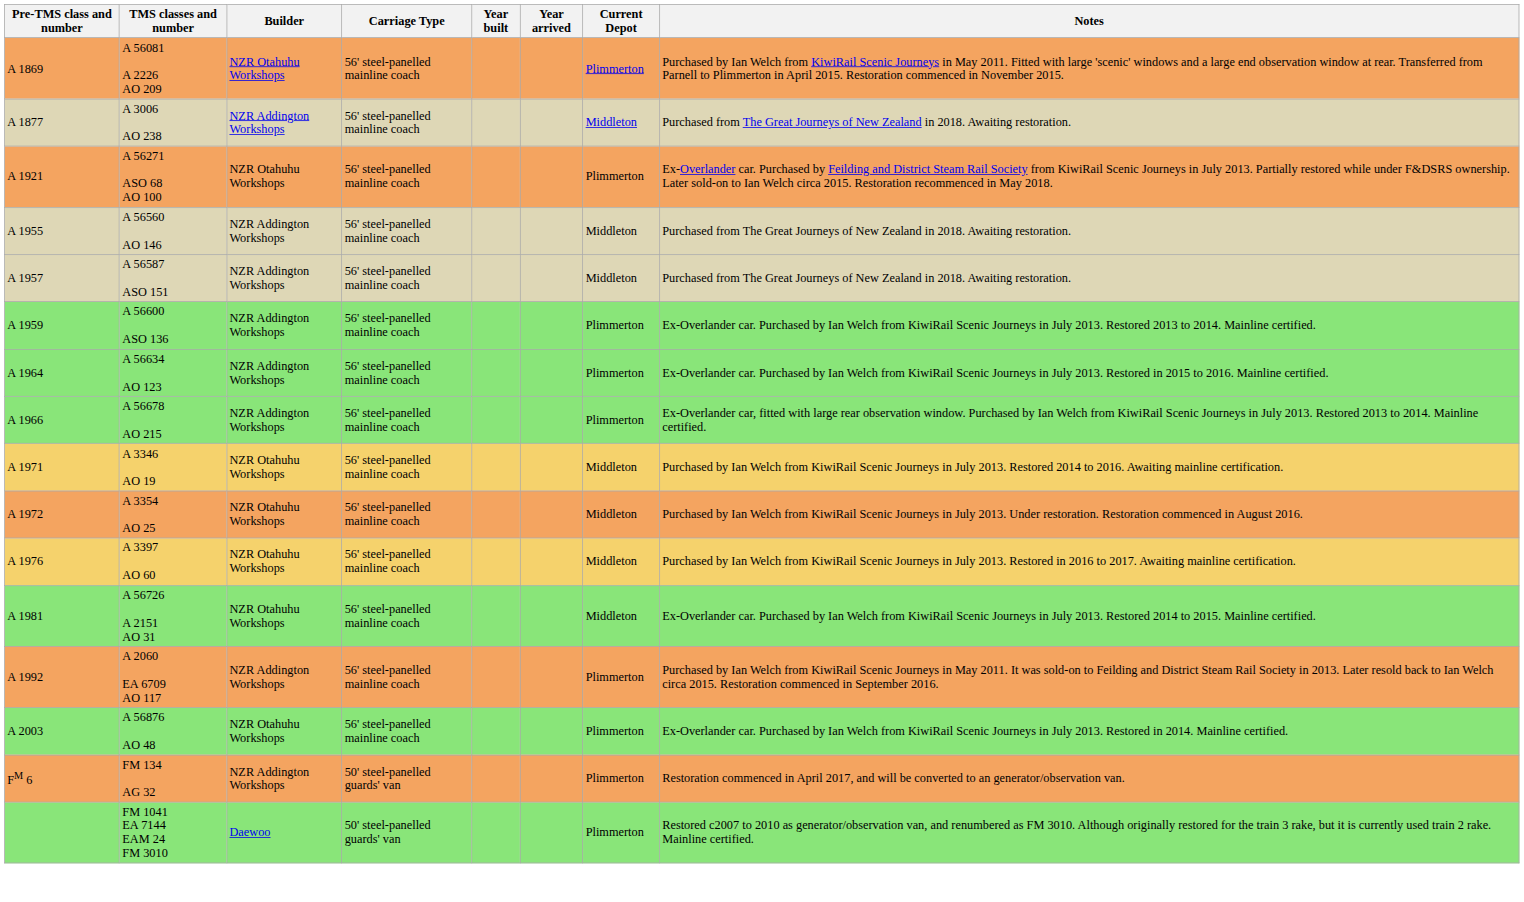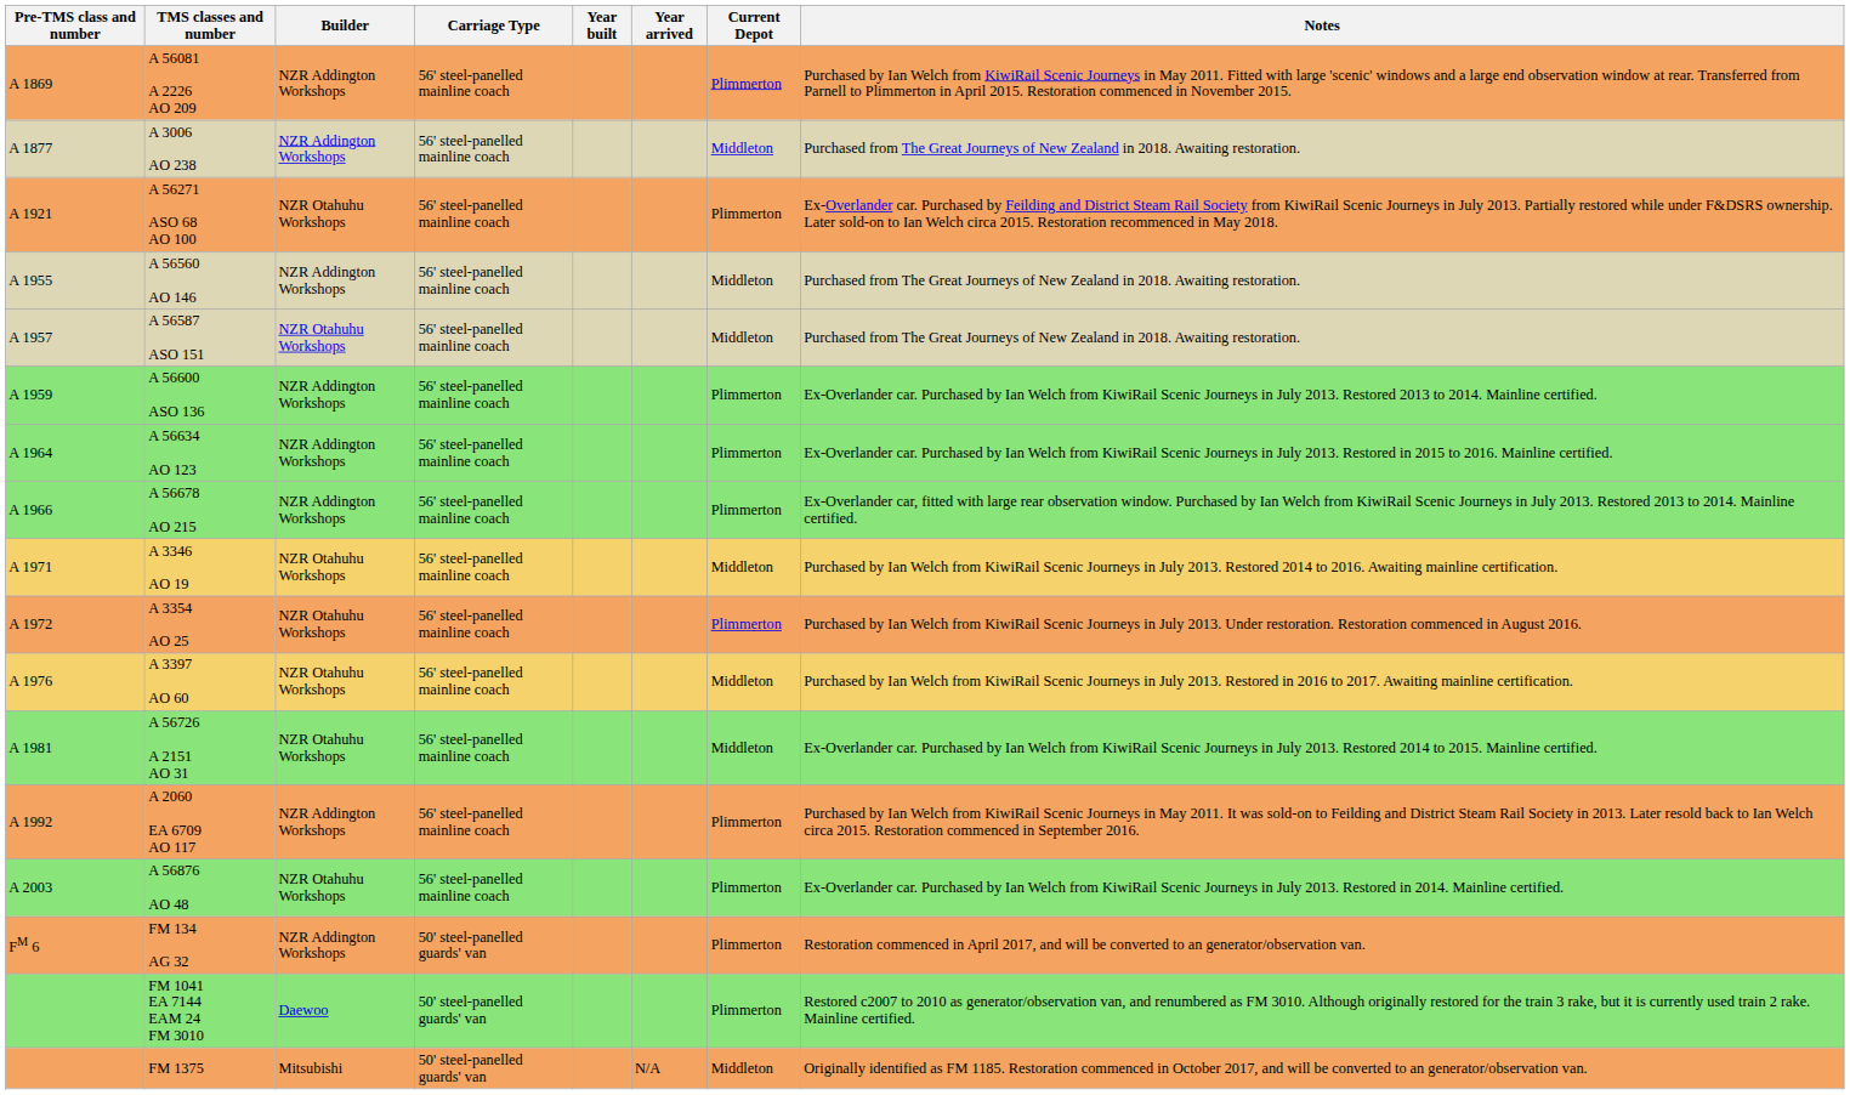 <table class="sortable wikitable" border="1">
 <tr>
 <th>Pre-TMS class and number</th>
 <th>TMS classes and number</th>
 <th>Builder</th>
 <th>Carriage Type</th>
 <th>Year built</th>
 <th>Year arrived</th>
 <th>Current Depot</th>
 <th>Notes</th>
 </tr>
 <tr style="background:#f4a460;">
 <td>A 1869</td>
 <td>A 56081 <br><br>A 2226 <br>  AO 209</td>
-<td><a href='#'>NZR Otahuhu Workshops</a></td>
+<td>NZR Addington Workshops</td>
 <td>56' steel-panelled mainline coach</td>
 <td></td>
 <td></td>
 <td><a href='#'>Plimmerton</a></td>
 <td>Purchased by Ian Welch from <a href='#'>KiwiRail Scenic Journeys</a> in May 2011. Fitted with large 'scenic' windows and a large end observation window at rear. Transferred from Parnell to Plimmerton in April 2015. Restoration commenced in November 2015.</td>
 </tr>
 <tr style="background:#DED7B6;">
 <td>A 1877</td>
 <td>A 3006<br><br>AO 238</td>
 <td><a href='#'>NZR Addington Workshops</a></td>
 <td>56' steel-panelled mainline coach</td>
 <td></td>
 <td></td>
 <td><a href='#'>Middleton</a></td>
 <td>Purchased from <a href='#'>The Great Journeys of New Zealand</a> in 2018. Awaiting restoration.</td>
 </tr>
 <tr style="background:#f4a460;">
 <td>A 1921</td>
 <td>A 56271<br><br>ASO 68<br>  AO 100</td>
 <td>NZR Otahuhu Workshops</td>
 <td>56' steel-panelled mainline coach</td>
 <td></td>
 <td></td>
 <td>Plimmerton</td>
 <td>Ex-<a href='#'>Overlander</a> car. Purchased by <a href='#'>Feilding and District Steam Rail Society</a> from KiwiRail Scenic Journeys in July 2013. Partially restored while under F&DSRS ownership. Later sold-on to Ian Welch circa 2015. Restoration recommenced in May 2018.</td>
 </tr>
 <tr style="background:#DED7B6;">
 <td>A 1955</td>
 <td>A 56560<br><br>AO 146</td>
 <td>NZR Addington Workshops</td>
 <td>56' steel-panelled mainline coach</td>
 <td></td>
 <td></td>
 <td>Middleton</td>
 <td>Purchased from The Great Journeys of New Zealand in 2018. Awaiting restoration.</td>
 </tr>
 <tr style="background:#DED7B6;">
 <td>A 1957</td>
 <td>A 56587<br><br>ASO 151</td>
-<td>NZR Addington Workshops</td>
+<td><a href='#'>NZR Otahuhu Workshops</a></td>
 <td>56' steel-panelled mainline coach</td>
 <td></td>
 <td></td>
 <td>Middleton</td>
 <td>Purchased from The Great Journeys of New Zealand in 2018. Awaiting restoration.</td>
 </tr>
 <tr style="background:#89E579;">
 <td>A 1959</td>
 <td>A 56600<br><br>ASO 136</td>
 <td>NZR Addington Workshops</td>
 <td>56' steel-panelled mainline coach</td>
 <td></td>
 <td></td>
 <td>Plimmerton</td>
 <td>Ex-Overlander car. Purchased by Ian Welch from KiwiRail Scenic Journeys in July 2013. Restored 2013 to 2014. Mainline certified.</td>
 </tr>
 <tr style="background:#89E579;">
 <td>A 1964</td>
 <td>A 56634<br><br>AO 123</td>
 <td>NZR Addington Workshops</td>
 <td>56' steel-panelled mainline coach</td>
 <td></td>
 <td></td>
 <td>Plimmerton</td>
 <td>Ex-Overlander car. Purchased by Ian Welch from KiwiRail Scenic Journeys in July 2013. Restored in 2015 to 2016. Mainline certified.</td>
 </tr>
 <tr style="background:#89E579;">
 <td>A 1966</td>
 <td>A 56678<br><br>AO 215</td>
 <td>NZR Addington Workshops</td>
 <td>56' steel-panelled mainline coach</td>
 <td></td>
 <td></td>
 <td>Plimmerton</td>
 <td>Ex-Overlander car, fitted with large rear observation window. Purchased by Ian Welch from KiwiRail Scenic Journeys in July 2013. Restored 2013 to 2014. Mainline certified.</td>
 </tr>
 <tr style="background:#F5D26C;">
 <td>A 1971</td>
 <td>A 3346<br><br>AO 19</td>
 <td>NZR Otahuhu Workshops</td>
 <td>56' steel-panelled mainline coach</td>
 <td></td>
 <td></td>
 <td>Middleton</td>
 <td>Purchased by Ian Welch from KiwiRail Scenic Journeys in July 2013. Restored 2014 to 2016. Awaiting mainline certification.</td>
 </tr>
 <tr style="background:#f4a460;">
 <td>A 1972</td>
 <td>A 3354<br><br>AO 25</td>
 <td>NZR Otahuhu Workshops</td>
 <td>56' steel-panelled mainline coach</td>
 <td></td>
 <td></td>
-<td>Middleton</td>
+<td><a href='#'>Plimmerton</a></td>
 <td>Purchased by Ian Welch from KiwiRail Scenic Journeys in July 2013. Under restoration. Restoration commenced in August 2016.</td>
 </tr>
 <tr style="background:#F5D26C;">
 <td>A 1976</td>
 <td>A 3397<br><br>AO 60</td>
 <td>NZR Otahuhu Workshops</td>
 <td>56' steel-panelled mainline coach</td>
 <td></td>
 <td></td>
 <td>Middleton</td>
 <td>Purchased by Ian Welch from KiwiRail Scenic Journeys in July 2013. Restored in 2016 to 2017. Awaiting mainline certification.</td>
 </tr>
 <tr style="background:#89E579;">
 <td>A 1981</td>
 <td>A 56726<br><br>A 2151<br> AO 31</td>
 <td>NZR Otahuhu Workshops</td>
 <td>56' steel-panelled mainline coach</td>
 <td></td>
 <td></td>
 <td>Middleton</td>
 <td>Ex-Overlander car. Purchased by Ian Welch from KiwiRail Scenic Journeys in July 2013. Restored 2014 to 2015. Mainline certified.</td>
 </tr>
 <tr style="background:#f4a460;">
 <td>A 1992</td>
 <td>A 2060<br><br>EA 6709<br> AO 117</td>
 <td>NZR Addington Workshops</td>
 <td>56' steel-panelled mainline coach</td>
 <td></td>
 <td></td>
 <td>Plimmerton</td>
 <td>Purchased by Ian Welch from KiwiRail Scenic Journeys in May 2011. It was sold-on to Feilding and District Steam Rail Society in 2013. Later resold back to Ian Welch circa 2015. Restoration commenced in September 2016.</td>
 </tr>
 <tr style="background:#89E579;">
 <td>A 2003</td>
 <td>A 56876<br><br>AO 48</td>
 <td>NZR Otahuhu Workshops</td>
 <td>56' steel-panelled mainline coach</td>
 <td></td>
 <td></td>
 <td>Plimmerton</td>
 <td>Ex-Overlander car. Purchased by Ian Welch from KiwiRail Scenic Journeys in July 2013. Restored in 2014. Mainline certified.</td>
 </tr>
 <tr style="background:#f4a460;">
 <td>F<sup>M</sup> 6</td>
 <td>FM 134<br><br>AG 32</td>
 <td>NZR Addington Workshops</td>
 <td>50' steel-panelled guards' van</td>
 <td></td>
 <td></td>
 <td>Plimmerton</td>
 <td>Restoration commenced in April 2017, and will be converted to an generator/observation van.</td>
 </tr>
 <tr style="background:#89E579;">
 <td></td>
 <td>FM 1041<br>EA 7144<br>  EAM 24<br>  FM 3010</td>
 <td><a href='#'>Daewoo</a></td>
 <td>50' steel-panelled guards' van</td>
 <td></td>
 <td></td>
 <td>Plimmerton</td>
 <td>Restored c2007 to 2010 as generator/observation van, and renumbered as FM 3010. Although originally restored for the train 3 rake, but it is currently used train 2 rake. Mainline certified.</td>
 </tr>
+<tr style="background:#f4a460;">
+<td></td>
+<td>FM 1375</td>
+<td>Mitsubishi</td>
+<td>50' steel-panelled guards' van</td>
+<td></td>
+<td>N/A</td>
+<td>Middleton</td>
+<td>Originally identified as FM 1185. Restoration commenced in October 2017, and will be converted to an generator/observation van.</td>
+</tr>
 </table>
